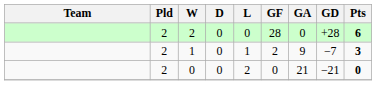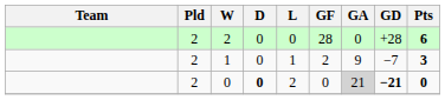 <table class="wikitable" style="text-align: center;">
 <tr>
 <th width="190">Team</th>
 <th width="30">Pld</th>
 <th width="30">W</th>
 <th width="30">D</th>
 <th width="30">L</th>
 <th width="30">GF</th>
 <th width="30">GA</th>
 <th width="30">GD</th>
 <th width="30">Pts</th>
 </tr>
 <tr bgcolor=#ccffcc>
 <td align=left></td>
 <td>2</td>
 <td>2</td>
 <td>0</td>
 <td>0</td>
 <td>28</td>
 <td>0</td>
 <td>+28</td>
 <td><strong>6</strong></td>
 </tr>
 <tr>
 <td align=left></td>
 <td>2</td>
 <td>1</td>
 <td>0</td>
 <td>1</td>
 <td>2</td>
 <td>9</td>
 <td>−7</td>
 <td><strong>3</strong></td>
 </tr>
 <tr>
 <td align=left></td>
 <td>2</td>
 <td>0</td>
-<td>0</td>
+<td><strong>0</strong></td>
 <td>2</td>
 <td>0</td>
-<td>21</td>
-<td>−21</td>
+<td style="background: lightgrey;">21</td>
+<td><strong>−21</strong></td>
 <td><strong>0</strong></td>
 </tr>
 <tr>
 </tr>
 </table>
